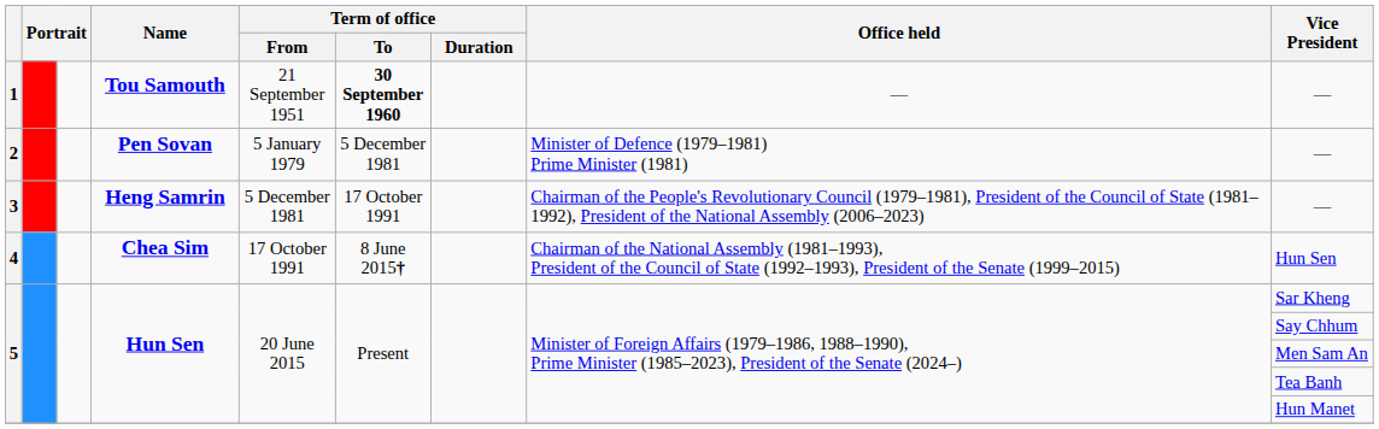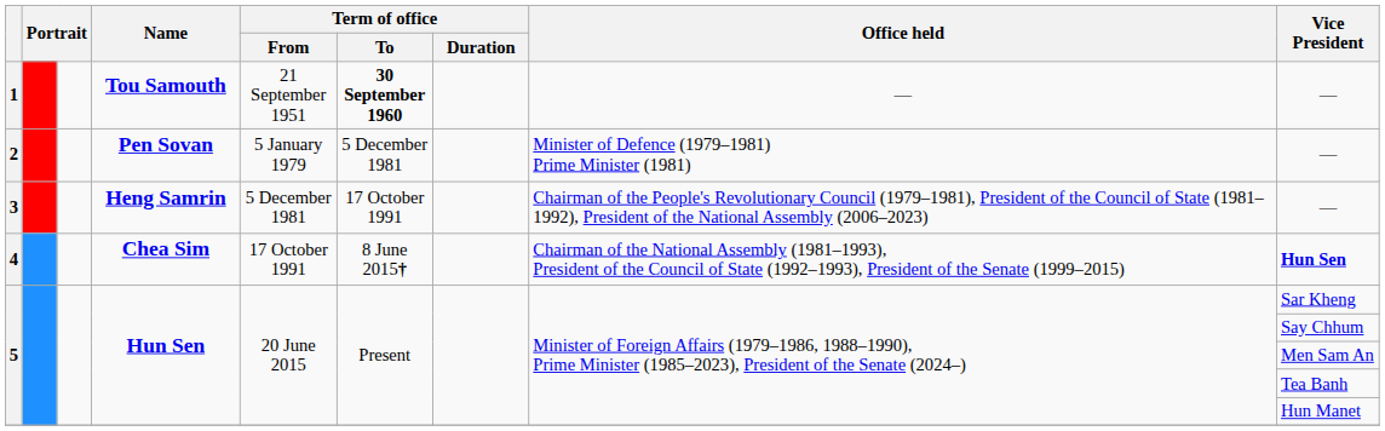 <table class="wikitable">
 <tr>
 <th scope=col rowspan="2"></th>
 <th rowspan="2" colspan="2">Portrait</th>
 <th rowspan="2" style="width:8em;">Name<br></th>
 <th colspan="3">Term of office</th>
 <th rowspan="2">Office held</th>
 <th rowspan="2">Vice President</th>
 </tr>
 <tr>
 <th scope=col style="width:5em;">From</th>
 <th scope=col style="width:5em;">To</th>
 <th scope=col style="width:5em;">Duration</th>
 </tr>
 <tr>
 <th>1</th>
 <th style="background-color:red"></th>
 <td style="text-align:center"></td>
 <td style="text-align:center"><big><strong><a href='#'>Tou Samouth</a></strong></big><br><br></td>
 <td style="text-align:center">21 September 1951</td>
 <td style="text-align:center"><strong>30 September 1960</strong></td>
 <td style="text-align:center"></td>
 <td style="text-align:center">―</td>
 <td style="text-align:center">―</td>
 </tr>
 <tr>
 <th>2</th>
 <th style="background-color:red"></th>
 <td style="text-align:center"></td>
 <td style="text-align:center"><big><strong><a href='#'>Pen Sovan</a></strong></big><br><br></td>
 <td style="text-align:center">5 January 1979</td>
 <td style="text-align:center">5 December 1981</td>
 <td style="text-align:center"></td>
 <td><a href='#'>Minister of Defence</a> (1979–1981)<br><a href='#'>Prime Minister</a> (1981)</td>
 <td style="text-align:center">―</td>
 </tr>
 <tr>
 <th>3</th>
 <th style="background-color:red"></th>
 <td style="text-align:center"></td>
 <td style="text-align:center"><big><strong><a href='#'>Heng Samrin</a></strong></big><br><br></td>
 <td style="text-align:center">5 December 1981</td>
 <td style="text-align:center">17 October 1991</td>
 <td style="text-align:center"></td>
 <td><a href='#'>Chairman of the People's Revolutionary Council</a> (1979–1981), <a href='#'>President of the Council of State</a> (1981–1992), <a href='#'>President of the National Assembly</a> (2006–2023)</td>
 <td style="text-align:center">―</td>
 </tr>
 <tr>
 <th>4</th>
 <th style="background-color:#1E90FF"></th>
 <td style="text-align:center"></td>
 <td style="text-align:center"><big><strong><a href='#'>Chea Sim</a></strong></big><br><br></td>
 <td style="text-align:center">17 October 1991</td>
 <td style="text-align:center">8 June 2015<strong>†</strong></td>
 <td style="text-align:center"></td>
 <td><a href='#'>Chairman of the National Assembly</a> (1981–1993),<br><a href='#'>President of the Council of State</a> (1992–1993), <a href='#'>President of the Senate</a> (1999–2015)</td>
-<td><a href='#'>Hun Sen</a></td>
+<td><strong><a href='#'>Hun Sen</a></strong></td>
 </tr>
 <tr>
 <th rowspan="5">5</th>
 <th style="background-color:#1E90FF" rowspan="5"></th>
 <td style="text-align:center" rowspan="5"></td>
 <td style="text-align:center" rowspan="5"><big><strong><a href='#'>Hun Sen</a></strong></big><br><br></td>
 <td style="text-align:center" rowspan="5">20 June 2015</td>
 <td style="text-align:center" rowspan="5">Present</td>
 <td style="text-align:center" rowspan="5"></td>
 <td rowspan="5"><a href='#'>Minister of Foreign Affairs</a> (1979–1986, 1988–1990),<br><a href='#'>Prime Minister</a> (1985–2023), <a href='#'>President of the Senate</a> (2024–)</td>
 <td><a href='#'>Sar Kheng</a></td>
 </tr>
 <tr>
 <td><a href='#'>Say Chhum</a></td>
 </tr>
 <tr>
 <td><a href='#'>Men Sam An</a></td>
 </tr>
 <tr>
 <td><a href='#'>Tea Banh</a></td>
 </tr>
 <tr>
 <td><a href='#'>Hun Manet</a></td>
 </tr>
 <tr>
 </tr>
 </table>
